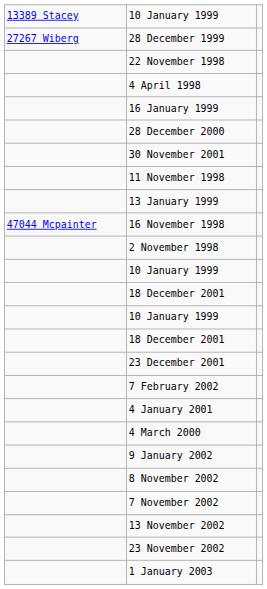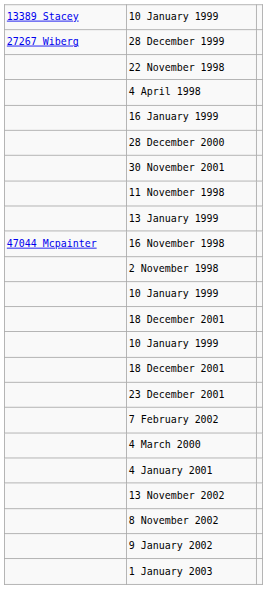 <table class="wikitable" style="font-size: 89%; float: left; width: 26em; margin-right: 1em; line-height: 1.65em !important; height: 675px;">
 <tr>
 <td><a href='#'>13389 Stacey</a></td>
 <td>10 January 1999</td>
 <td></td>
 </tr>
 <tr>
 <td><a href='#'>27267 Wiberg</a></td>
 <td>28 December 1999</td>
 <td></td>
 </tr>
 <tr>
 <td></td>
 <td>22 November 1998</td>
 <td></td>
 </tr>
 <tr>
 <td></td>
 <td>4 April 1998</td>
 <td></td>
 </tr>
 <tr>
 <td></td>
 <td>16 January 1999</td>
 <td></td>
 </tr>
 <tr>
 <td></td>
 <td>28 December 2000</td>
 <td></td>
 </tr>
 <tr>
 <td></td>
 <td>30 November 2001</td>
 <td></td>
 </tr>
 <tr>
 <td></td>
 <td>11 November 1998</td>
 <td></td>
 </tr>
 <tr>
 <td></td>
 <td>13 January 1999</td>
 <td></td>
 </tr>
 <tr>
 <td><a href='#'>47044 Mcpainter</a></td>
 <td>16 November 1998</td>
 <td></td>
 </tr>
 <tr>
 <td></td>
 <td>2 November 1998</td>
 <td></td>
 </tr>
 <tr>
 <td></td>
 <td>10 January 1999</td>
 <td></td>
 </tr>
 <tr>
 <td></td>
 <td>18 December 2001</td>
 <td></td>
 </tr>
 <tr>
 <td></td>
 <td>10 January 1999</td>
 <td></td>
 </tr>
 <tr>
 <td></td>
 <td>18 December 2001</td>
 <td></td>
 </tr>
 <tr>
 <td></td>
 <td>23 December 2001</td>
 <td></td>
 </tr>
 <tr>
 <td></td>
 <td>7 February 2002</td>
 <td></td>
 </tr>
 <tr>
 <td></td>
+<td>4 March 2000</td>
+<td></td>
+</tr>
+<tr>
+<td></td>
 <td>4 January 2001</td>
 <td></td>
 </tr>
 <tr>
 <td></td>
-<td>4 March 2000</td>
+<td>13 November 2002</td>
+<td></td>
+</tr>
+<tr>
+<td></td>
+<td>8 November 2002</td>
 <td></td>
 </tr>
 <tr>
 <td></td>
 <td>9 January 2002</td>
 <td></td>
 </tr>
 <tr>
 <td></td>
-<td>8 November 2002</td>
-<td></td>
-</tr>
-<tr>
-<td></td>
-<td>7 November 2002</td>
-<td></td>
-</tr>
-<tr>
-<td></td>
-<td>13 November 2002</td>
-<td></td>
-</tr>
-<tr>
-<td></td>
-<td>23 November 2002</td>
-<td></td>
-</tr>
-<tr>
-<td></td>
 <td>1 January 2003</td>
 <td></td>
 </tr>
 </table>
